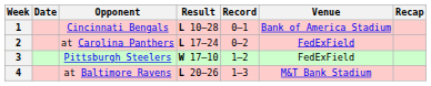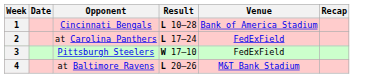 <table class="wikitable" style="text-align:center">
 <tr>
 <th>Week</th>
 <th>Date</th>
 <th>Opponent</th>
 <th>Result</th>
-<th>Record</th>
 <th>Venue</th>
 <th>Recap</th>
 </tr>
 <tr style="background:#fcc;">
 <th>1</th>
 <td></td>
 <td><a href='#'>Cincinnati Bengals</a></td>
 <td><strong>L</strong> 10–28</td>
-<td>0–1</td>
 <td><a href='#'>Bank of America Stadium</a></td>
 <td></td>
 </tr>
 <tr style="background:#fcc;">
 <th>2</th>
 <td></td>
 <td>at <a href='#'>Carolina Panthers</a></td>
 <td><strong>L</strong> 17–24</td>
-<td>0–2</td>
 <td><a href='#'>FedExField</a></td>
 <td></td>
 </tr>
 <tr style="background:#cfc;">
 <th>3</th>
 <td></td>
 <td><a href='#'>Pittsburgh Steelers</a></td>
 <td><strong>W</strong> 17–10</td>
-<td>1–2</td>
 <td>FedExField</td>
 <td></td>
 </tr>
 <tr style="background:#fcc;">
 <th>4</th>
 <td></td>
 <td>at <a href='#'>Baltimore Ravens</a></td>
 <td><strong>L</strong> 20–26</td>
-<td>1–3</td>
 <td><a href='#'>M&T Bank Stadium</a></td>
 <td></td>
 </tr>
 </table>
